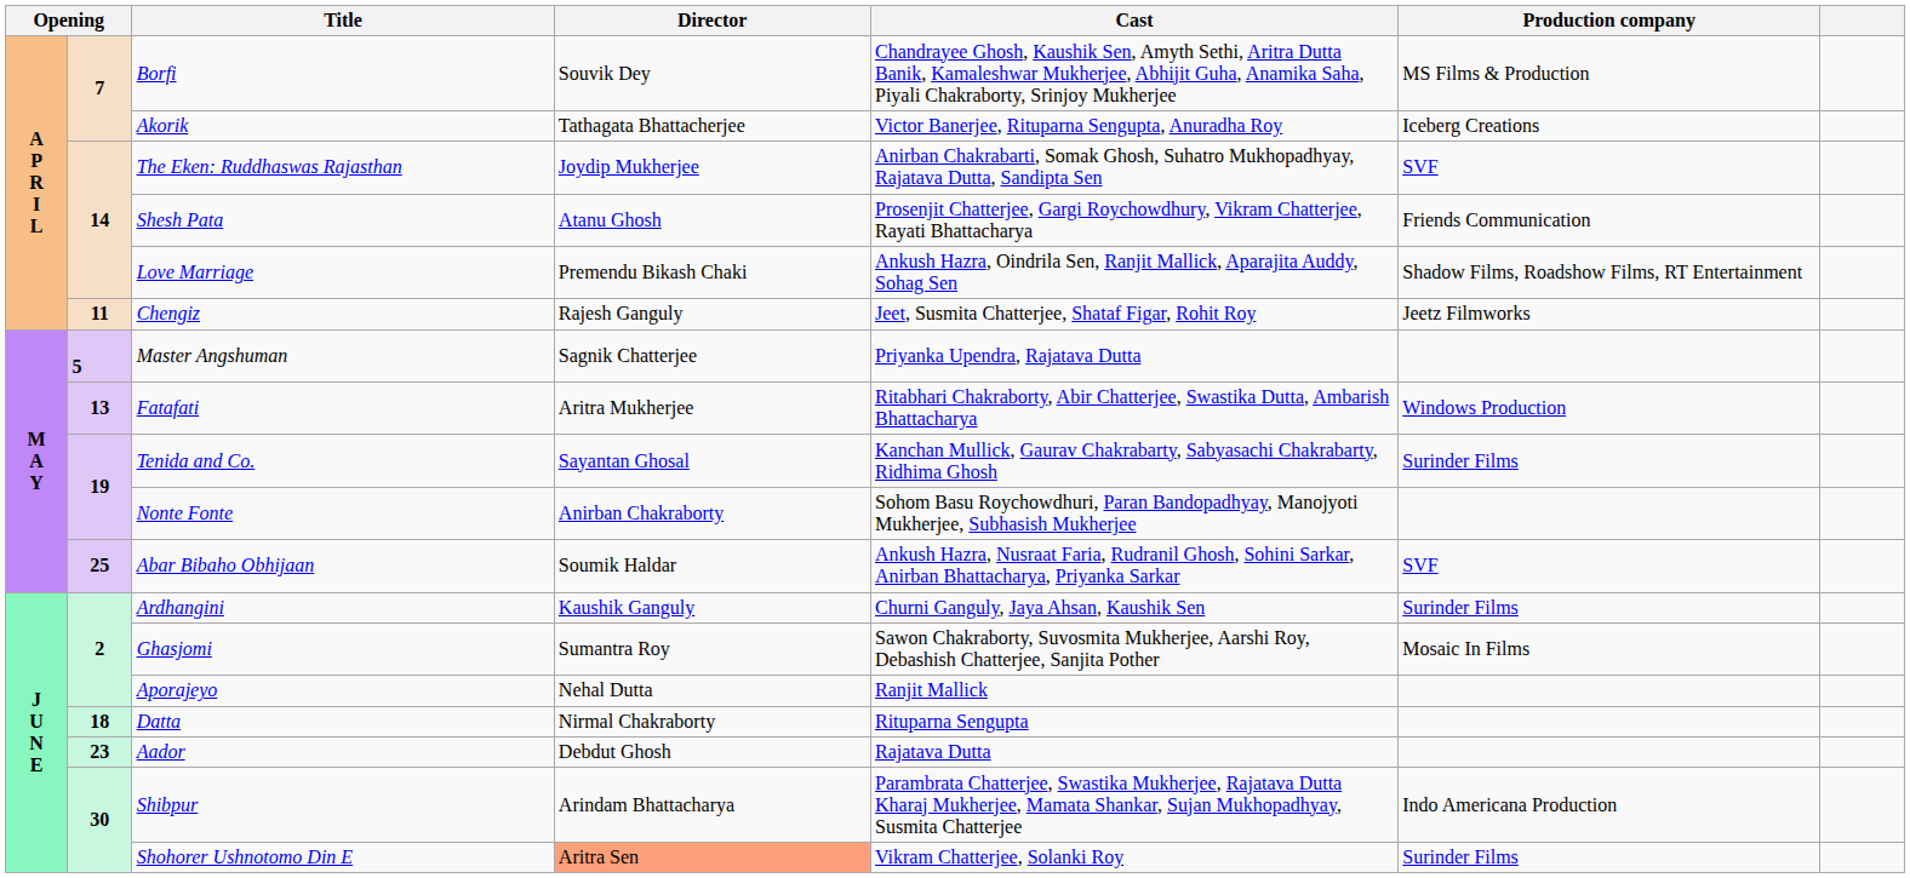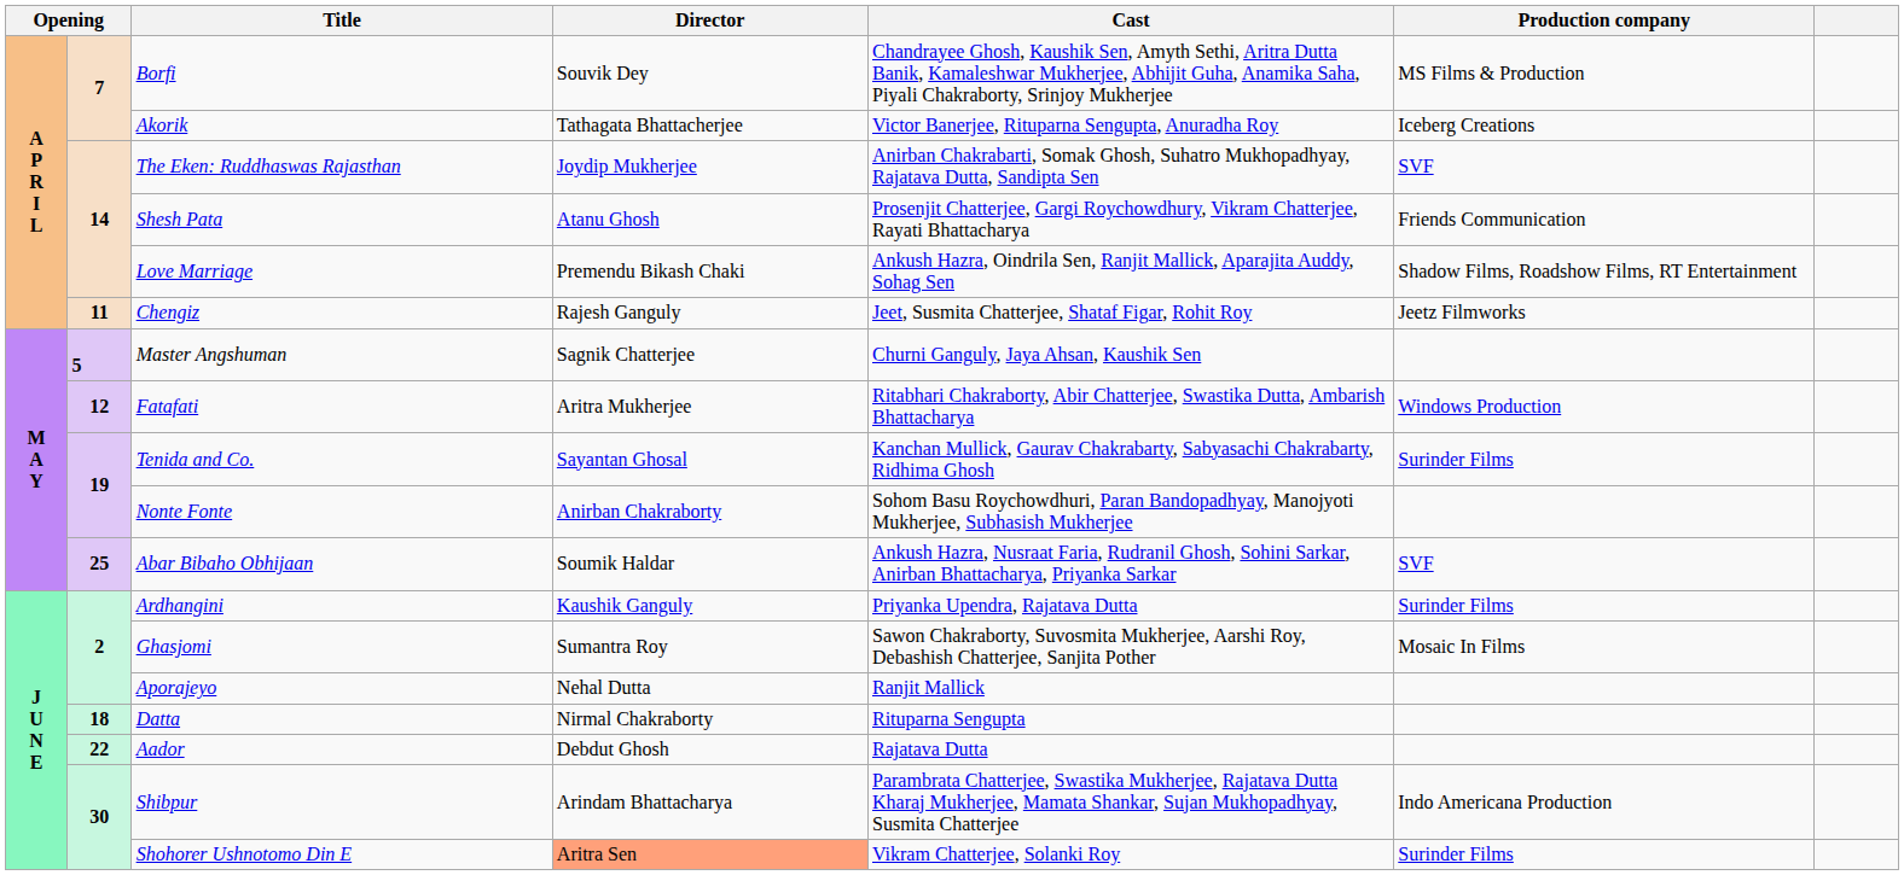 <table class="wikitable sortable">
 <tr style="background:#b0e0e6; text-align:center;">
 <th colspan="2" style="width:6%;">Opening</th>
 <th style="width:20%;">Title</th>
 <th style="width:15%;">Director</th>
 <th style="width:25%;">Cast</th>
 <th style="width:20%;">Production company</th>
 <th style="width:4%;"></th>
 </tr>
 <tr>
 <th rowspan="6" style="text-align:center; background:#f7bf87; text color:#000;">A <br>P <br>R <br>I <br>L</th>
 <td rowspan="2" style="text-align:center; background:#f7dfc7"><strong>7</strong></td>
 <td><em><a href='#'>Borfi</a></em></td>
 <td>Souvik Dey</td>
 <td><a href='#'>Chandrayee Ghosh</a>, <a href='#'>Kaushik Sen</a>, Amyth Sethi, <a href='#'>Aritra Dutta Banik</a>, <a href='#'>Kamaleshwar Mukherjee</a>, <a href='#'>Abhijit Guha</a>, <a href='#'>Anamika Saha</a>, Piyali Chakraborty, Srinjoy Mukherjee</td>
 <td>MS Films & Production</td>
 <td></td>
 </tr>
 <tr>
 <td><em><a href='#'>Akorik</a></em></td>
 <td>Tathagata Bhattacherjee</td>
 <td><a href='#'>Victor Banerjee</a>, <a href='#'>Rituparna Sengupta</a>, <a href='#'>Anuradha Roy</a></td>
 <td>Iceberg Creations</td>
 <td></td>
 </tr>
 <tr>
 <td rowspan="3" style="text-align:center; background:#f7dfc7"><strong>14</strong></td>
 <td><em><a href='#'>The Eken: Ruddhaswas Rajasthan</a></em></td>
 <td><a href='#'>Joydip Mukherjee</a></td>
 <td><a href='#'>Anirban Chakrabarti</a>, Somak Ghosh, Suhatro Mukhopadhyay, <a href='#'>Rajatava Dutta</a>, <a href='#'>Sandipta Sen</a></td>
 <td><a href='#'>SVF</a></td>
 <td></td>
 </tr>
 <tr>
 <td><em><a href='#'>Shesh Pata</a></em></td>
 <td><a href='#'>Atanu Ghosh</a></td>
 <td><a href='#'>Prosenjit Chatterjee</a>, <a href='#'>Gargi Roychowdhury</a>, <a href='#'>Vikram Chatterjee</a>, Rayati Bhattacharya</td>
 <td>Friends Communication</td>
 <td></td>
 </tr>
 <tr>
 <td><em><a href='#'>Love Marriage</a></em></td>
 <td>Premendu Bikash Chaki</td>
 <td><a href='#'>Ankush Hazra</a>, Oindrila Sen, <a href='#'>Ranjit Mallick</a>, <a href='#'>Aparajita Auddy</a>, <a href='#'>Sohag Sen</a></td>
 <td>Shadow Films, Roadshow Films, RT Entertainment</td>
 <td></td>
 </tr>
 <tr>
 <td rowspan="1" style="text-align:center; background:#f7dfc7"><strong>11</strong></td>
 <td><em><a href='#'>Chengiz</a></em></td>
 <td>Rajesh Ganguly</td>
 <td><a href='#'>Jeet</a>, Susmita Chatterjee, <a href='#'>Shataf Figar</a>, <a href='#'>Rohit Roy</a></td>
 <td>Jeetz Filmworks</td>
 <td></td>
 </tr>
 <tr>
 <th rowspan="5" style="text-align:center; background:#bf87f7">M<br>A<br>Y</th>
 <td rowshan="1" style="text- align:center; background:#dfc7f7"><br><strong>5</strong></td>
 <td><em>Master Angshuman</em></td>
 <td>Sagnik Chatterjee</td>
-<td><a href='#'>Priyanka Upendra</a>, <a href='#'>Rajatava Dutta</a></td>
+<td><a href='#'>Churni Ganguly</a>, <a href='#'>Jaya Ahsan</a>, <a href='#'>Kaushik Sen</a></td>
 <td></td>
 <td></td>
 </tr>
 <tr>
-<td rowspan="1" style="text-align:center; background:#dfc7f7"><strong>13</strong></td>
+<td rowspan="1" style="text-align:center; background:#dfc7f7"><strong>12</strong></td>
 <td><em><a href='#'>Fatafati</a></em></td>
 <td>Aritra Mukherjee</td>
 <td><a href='#'>Ritabhari Chakraborty</a>, <a href='#'>Abir Chatterjee</a>, <a href='#'>Swastika Dutta</a>, <a href='#'>Ambarish Bhattacharya</a></td>
 <td><a href='#'>Windows Production</a></td>
 <td></td>
 </tr>
 <tr>
 <td rowspan="2" style="text-align:center; background:#dfc7f7"><strong>19</strong></td>
 <td><em><a href='#'>Tenida and Co.</a></em></td>
 <td><a href='#'>Sayantan Ghosal</a></td>
 <td><a href='#'>Kanchan Mullick</a>, <a href='#'>Gaurav Chakrabarty</a>, <a href='#'>Sabyasachi Chakrabarty</a>, <a href='#'>Ridhima Ghosh</a></td>
 <td><a href='#'>Surinder Films</a></td>
 <td></td>
 </tr>
 <tr>
 <td><em><a href='#'>Nonte Fonte</a></em></td>
 <td><a href='#'>Anirban Chakraborty</a></td>
 <td>Sohom Basu Roychowdhuri, <a href='#'>Paran Bandopadhyay</a>, Manojyoti Mukherjee, <a href='#'>Subhasish Mukherjee</a></td>
 <td></td>
 <td></td>
 </tr>
 <tr>
 <td style="text-align:center; background:#dfc7f7"><strong>25</strong></td>
 <td><em><a href='#'>Abar Bibaho Obhijaan</a></em></td>
 <td>Soumik Haldar</td>
 <td><a href='#'>Ankush Hazra</a>, <a href='#'>Nusraat Faria</a>, <a href='#'>Rudranil Ghosh</a>, <a href='#'>Sohini Sarkar</a>, <a href='#'>Anirban Bhattacharya</a>, <a href='#'>Priyanka Sarkar</a></td>
 <td><a href='#'>SVF</a></td>
 <td></td>
 </tr>
 <tr>
 <th rowspan="7" style="text-align:center; background:#87f7bf">J<br>U<br>N<br>E</th>
 <td rowspan="3" style="text-align:center; background:#c7f7df"><strong>2</strong></td>
 <td><em><a href='#'>Ardhangini</a></em></td>
 <td><a href='#'>Kaushik Ganguly</a></td>
-<td><a href='#'>Churni Ganguly</a>, <a href='#'>Jaya Ahsan</a>, <a href='#'>Kaushik Sen</a></td>
+<td><a href='#'>Priyanka Upendra</a>, <a href='#'>Rajatava Dutta</a></td>
 <td><a href='#'>Surinder Films</a></td>
 <td></td>
 </tr>
 <tr>
 <td><em><a href='#'>Ghasjomi</a></em></td>
 <td>Sumantra Roy</td>
 <td>Sawon Chakraborty, Suvosmita Mukherjee, Aarshi Roy, Debashish Chatterjee, Sanjita Pother</td>
 <td>Mosaic In Films</td>
 <td></td>
 </tr>
 <tr>
 <td><em><a href='#'>Aporajeyo</a></em></td>
 <td>Nehal Dutta</td>
 <td><a href='#'>Ranjit Mallick</a></td>
 <td></td>
 <td></td>
 </tr>
 <tr>
 <td style="text-align:center; background:#c7f7df"><strong>18</strong></td>
 <td><em><a href='#'>Datta</a></em></td>
 <td>Nirmal Chakraborty</td>
 <td><a href='#'>Rituparna Sengupta</a></td>
 <td></td>
 <td></td>
 </tr>
 <tr>
-<td rowspan="1" style="text-align:center; background:#c7f7df"><strong>23</strong></td>
+<td rowspan="1" style="text-align:center; background:#c7f7df"><strong>22</strong></td>
 <td><em><a href='#'>Aador</a></em></td>
 <td>Debdut Ghosh</td>
 <td><a href='#'>Rajatava Dutta</a></td>
 <td></td>
 <td></td>
 </tr>
 <tr>
 <td rowspan="2" style="text-align:center; background:#c7f7df"><strong>30</strong></td>
 <td><em><a href='#'>Shibpur</a></em></td>
 <td>Arindam Bhattacharya</td>
 <td><a href='#'>Parambrata Chatterjee</a>, <a href='#'>Swastika Mukherjee</a>, <a href='#'>Rajatava Dutta</a> <a href='#'>Kharaj Mukherjee</a>, <a href='#'>Mamata Shankar</a>, <a href='#'>Sujan Mukhopadhyay</a>, Susmita Chatterjee</td>
 <td>Indo Americana Production</td>
 <td></td>
 </tr>
 <tr>
 <td><em><a href='#'>Shohorer Ushnotomo Din E</a></em></td>
 <td style="background: lightsalmon;">Aritra Sen</td>
 <td><a href='#'>Vikram Chatterjee</a>, <a href='#'>Solanki Roy</a></td>
 <td><a href='#'>Surinder Films</a></td>
 <td></td>
 </tr>
 </table>
